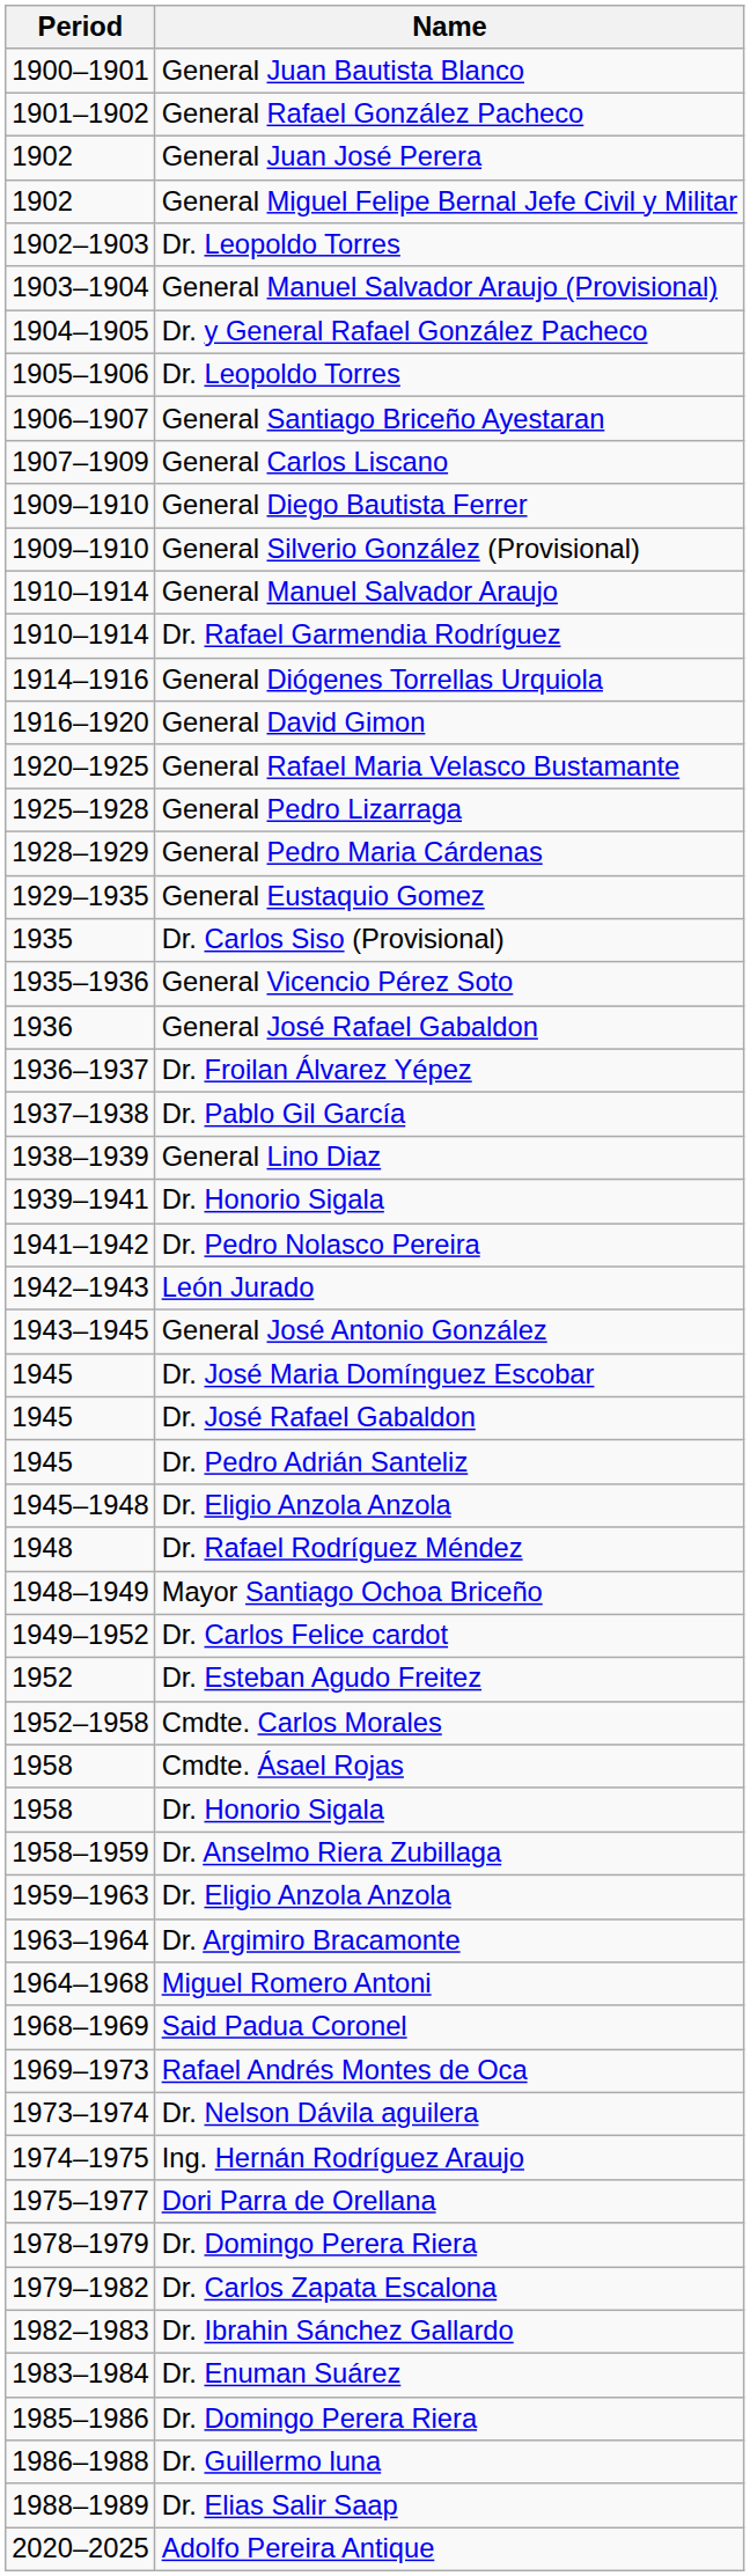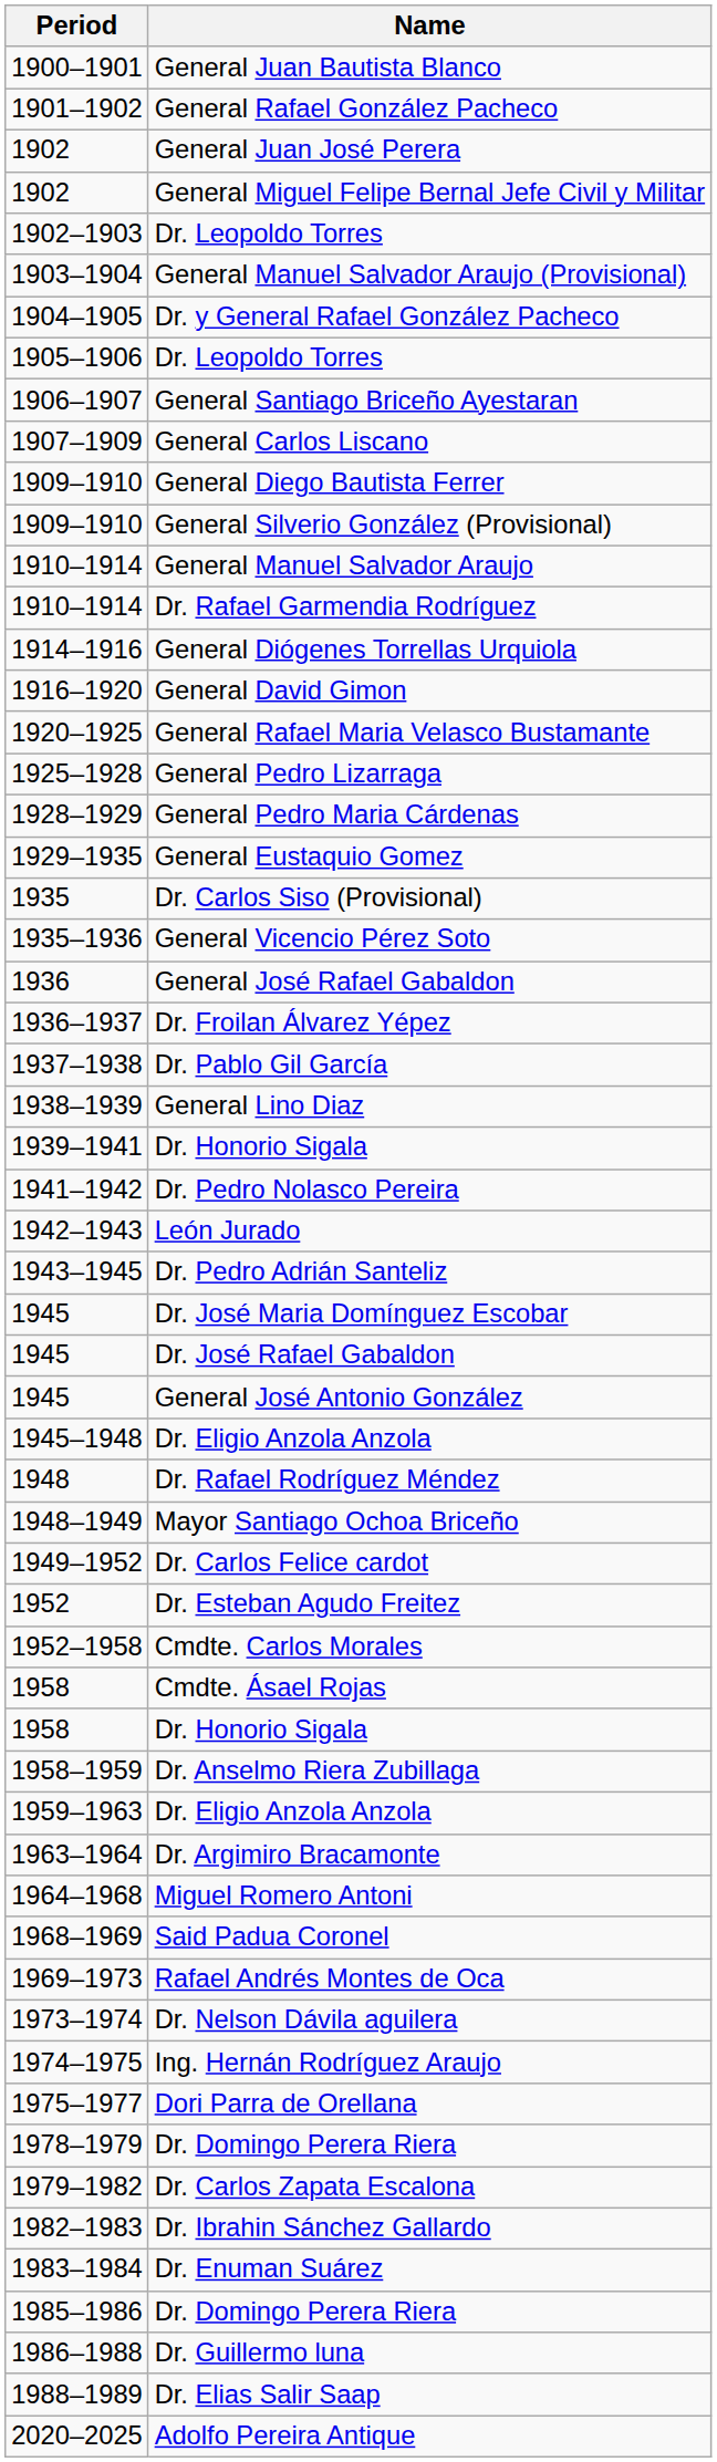 <table class="wikitable">
 <tr>
 <th>Period</th>
 <th>Name</th>
 </tr>
 <tr align="left">
 <td>1900–1901</td>
 <td>General <a href='#'>Juan Bautista Blanco</a></td>
 </tr>
 <tr align="left">
 <td>1901–1902</td>
 <td>General <a href='#'>Rafael González Pacheco</a></td>
 </tr>
 <tr align="left">
 <td>1902</td>
 <td>General <a href='#'>Juan José Perera</a></td>
 </tr>
 <tr align="left">
 <td>1902</td>
 <td>General <a href='#'>Miguel Felipe Bernal Jefe Civil y Militar</a></td>
 </tr>
 <tr align="left">
 <td>1902–1903</td>
 <td>Dr. <a href='#'>Leopoldo Torres</a></td>
 </tr>
 <tr align="left">
 <td>1903–1904</td>
 <td>General <a href='#'>Manuel Salvador Araujo (Provisional)</a></td>
 </tr>
 <tr align="left">
 <td>1904–1905</td>
 <td>Dr. <a href='#'>y General Rafael González Pacheco</a></td>
 </tr>
 <tr align="left">
 <td>1905–1906</td>
 <td>Dr. <a href='#'>Leopoldo Torres</a></td>
 </tr>
 <tr align="left">
 <td>1906–1907</td>
 <td>General <a href='#'>Santiago Briceño Ayestaran</a></td>
 </tr>
 <tr align="left">
 <td>1907–1909</td>
 <td>General <a href='#'>Carlos Liscano</a></td>
 </tr>
 <tr align="left">
 <td>1909–1910</td>
 <td>General <a href='#'>Diego Bautista Ferrer</a></td>
 </tr>
 <tr align="left">
 <td>1909–1910</td>
 <td>General <a href='#'>Silverio González</a> (Provisional)</td>
 </tr>
 <tr align="left">
 <td>1910–1914</td>
 <td>General <a href='#'>Manuel Salvador Araujo</a></td>
 </tr>
 <tr align="left">
 <td>1910–1914</td>
 <td>Dr. <a href='#'>Rafael Garmendia Rodríguez</a></td>
 </tr>
 <tr align="left">
 <td>1914–1916</td>
 <td>General <a href='#'>Diógenes Torrellas Urquiola</a></td>
 </tr>
 <tr align="left">
 <td>1916–1920</td>
 <td>General <a href='#'>David Gimon</a></td>
 </tr>
 <tr align="left">
 <td>1920–1925</td>
 <td>General <a href='#'>Rafael Maria Velasco Bustamante</a></td>
 </tr>
 <tr align="left">
 <td>1925–1928</td>
 <td>General <a href='#'>Pedro Lizarraga</a></td>
 </tr>
 <tr align="left">
 <td>1928–1929</td>
 <td>General <a href='#'>Pedro Maria Cárdenas</a></td>
 </tr>
 <tr align="left">
 <td>1929–1935</td>
 <td>General <a href='#'>Eustaquio Gomez</a></td>
 </tr>
 <tr align="left">
 <td>1935</td>
 <td>Dr. <a href='#'>Carlos Siso</a> (Provisional)</td>
 </tr>
 <tr align="left">
 <td>1935–1936</td>
 <td>General <a href='#'>Vicencio Pérez Soto</a></td>
 </tr>
 <tr align="left">
 <td>1936</td>
 <td>General <a href='#'>José Rafael Gabaldon</a></td>
 </tr>
 <tr align="left">
 <td>1936–1937</td>
 <td>Dr. <a href='#'>Froilan Álvarez Yépez</a></td>
 </tr>
 <tr align="left">
 <td>1937–1938</td>
 <td>Dr. <a href='#'>Pablo Gil García</a></td>
 </tr>
 <tr align="left">
 <td>1938–1939</td>
 <td>General <a href='#'>Lino Diaz</a></td>
 </tr>
 <tr align="left">
 <td>1939–1941</td>
 <td>Dr. <a href='#'>Honorio Sigala</a></td>
 </tr>
 <tr align="left">
 <td>1941–1942</td>
 <td>Dr. <a href='#'>Pedro Nolasco Pereira</a></td>
 </tr>
 <tr align="left">
 <td>1942–1943</td>
 <td><a href='#'>León Jurado</a></td>
 </tr>
 <tr align="left">
 <td>1943–1945</td>
-<td>General <a href='#'>José Antonio González</a></td>
+<td>Dr. <a href='#'>Pedro Adrián Santeliz</a></td>
 </tr>
 <tr align="left">
 <td>1945</td>
 <td>Dr. <a href='#'>José Maria Domínguez Escobar</a></td>
 </tr>
 <tr align="left">
 <td>1945</td>
 <td>Dr. <a href='#'>José Rafael Gabaldon</a></td>
 </tr>
 <tr align="left">
 <td>1945</td>
-<td>Dr. <a href='#'>Pedro Adrián Santeliz</a></td>
+<td>General <a href='#'>José Antonio González</a></td>
 </tr>
 <tr align="left">
 <td>1945–1948</td>
 <td>Dr. <a href='#'>Eligio Anzola Anzola</a></td>
 </tr>
 <tr align="left">
 <td>1948</td>
 <td>Dr. <a href='#'>Rafael Rodríguez Méndez</a></td>
 </tr>
 <tr align="left">
 <td>1948–1949</td>
 <td>Mayor  <a href='#'>Santiago Ochoa Briceño</a></td>
 </tr>
 <tr align="left">
 <td>1949–1952</td>
 <td>Dr. <a href='#'>Carlos Felice cardot</a></td>
 </tr>
 <tr align="left">
 <td>1952</td>
 <td>Dr. <a href='#'>Esteban Agudo Freitez</a></td>
 </tr>
 <tr align="left">
 <td>1952–1958</td>
 <td>Cmdte. <a href='#'>Carlos Morales</a></td>
 </tr>
 <tr align="left">
 <td>1958</td>
 <td>Cmdte. <a href='#'>Ásael Rojas</a></td>
 </tr>
 <tr align="left">
 <td>1958</td>
 <td>Dr. <a href='#'>Honorio Sigala</a></td>
 </tr>
 <tr align="left">
 <td>1958–1959</td>
 <td>Dr. <a href='#'>Anselmo Riera Zubillaga</a></td>
 </tr>
 <tr align="left">
 <td>1959–1963</td>
 <td>Dr. <a href='#'>Eligio Anzola Anzola</a></td>
 </tr>
 <tr align="left">
 <td>1963–1964</td>
 <td>Dr. <a href='#'>Argimiro Bracamonte</a></td>
 </tr>
 <tr align="left">
 <td>1964–1968</td>
 <td><a href='#'>Miguel Romero Antoni</a></td>
 </tr>
 <tr align="left">
 <td>1968–1969</td>
 <td><a href='#'>Said Padua Coronel</a></td>
 </tr>
 <tr align="left">
 <td>1969–1973</td>
 <td><a href='#'>Rafael Andrés Montes de Oca</a></td>
 </tr>
 <tr align="left">
 <td>1973–1974</td>
 <td>Dr. <a href='#'>Nelson Dávila aguilera</a></td>
 </tr>
 <tr align="left">
 <td>1974–1975</td>
 <td>Ing. <a href='#'>Hernán Rodríguez Araujo</a></td>
 </tr>
 <tr align="left">
 <td>1975–1977</td>
 <td><a href='#'>Dori Parra de Orellana</a></td>
 </tr>
 <tr align="left">
 <td>1978–1979</td>
 <td>Dr. <a href='#'>Domingo Perera Riera</a></td>
 </tr>
 <tr align="left">
 <td>1979–1982</td>
 <td>Dr. <a href='#'>Carlos Zapata Escalona</a></td>
 </tr>
 <tr align="left">
 <td>1982–1983</td>
 <td>Dr. <a href='#'>Ibrahin Sánchez Gallardo</a></td>
 </tr>
 <tr align="left">
 <td>1983–1984</td>
 <td>Dr. <a href='#'>Enuman Suárez</a></td>
 </tr>
 <tr align="left">
 <td>1985–1986</td>
 <td>Dr. <a href='#'>Domingo Perera Riera</a></td>
 </tr>
 <tr align="left">
 <td>1986–1988</td>
 <td>Dr. <a href='#'>Guillermo luna</a></td>
 </tr>
 <tr align="left">
 <td>1988–1989</td>
 <td>Dr. <a href='#'>Elias Salir Saap</a></td>
 </tr>
 <tr align="left">
 <td>2020–2025</td>
 <td><a href='#'>Adolfo Pereira Antique</a></td>
 </tr>
 </table>
